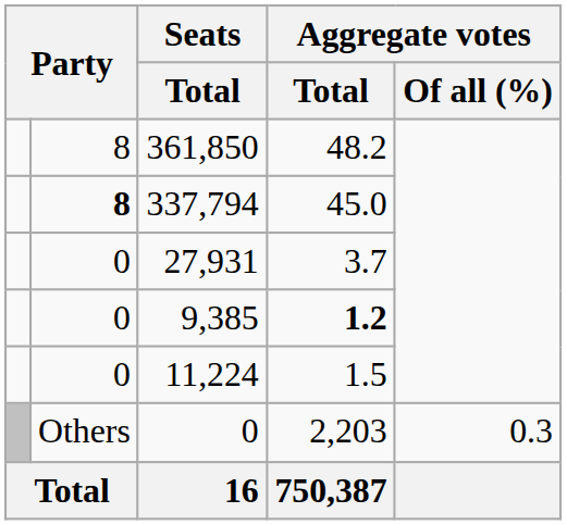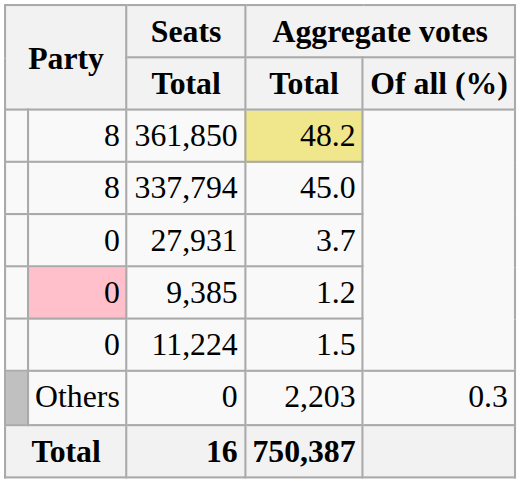 <table class="wikitable" style="text-align:right; font-size:95%;">
 <tr>
 <th colspan="2" rowspan="2">Party</th>
 <th>Seats</th>
 <th colspan="2">Aggregate votes</th>
 </tr>
 <tr>
 <th>Total</th>
 <th>Total</th>
 <th>Of all (%)</th>
 </tr>
 <tr>
 <td></td>
 <td>8</td>
 <td>361,850</td>
-<td>48.2</td>
+<td style="background: khaki;">48.2</td>
 </tr>
 <tr>
 <td></td>
-<td><strong>8</strong></td>
+<td>8</td>
 <td>337,794</td>
 <td>45.0</td>
 </tr>
 <tr>
 <td></td>
 <td>0</td>
 <td>27,931</td>
 <td>3.7</td>
 </tr>
 <tr>
 <td></td>
-<td>0</td>
+<td style="background: pink;">0</td>
 <td>9,385</td>
-<td><strong>1.2</strong></td>
+<td>1.2</td>
 </tr>
 <tr>
 <td></td>
 <td>0</td>
 <td>11,224</td>
 <td>1.5</td>
 </tr>
 <tr>
 <td style="background:silver;"> </td>
 <td align=left>Others</td>
 <td>0</td>
 <td>2,203</td>
 <td>0.3</td>
 </tr>
 <tr>
 <th colspan="2" style="background:#f2f2f2"><strong>Total</strong></th>
 <td style="background:#f2f2f2;"><strong>16</strong></td>
 <td style="background:#f2f2f2;"><strong>750,387</strong></td>
 <td style="background:#f2f2f2;"></td>
 </tr>
 </table>
